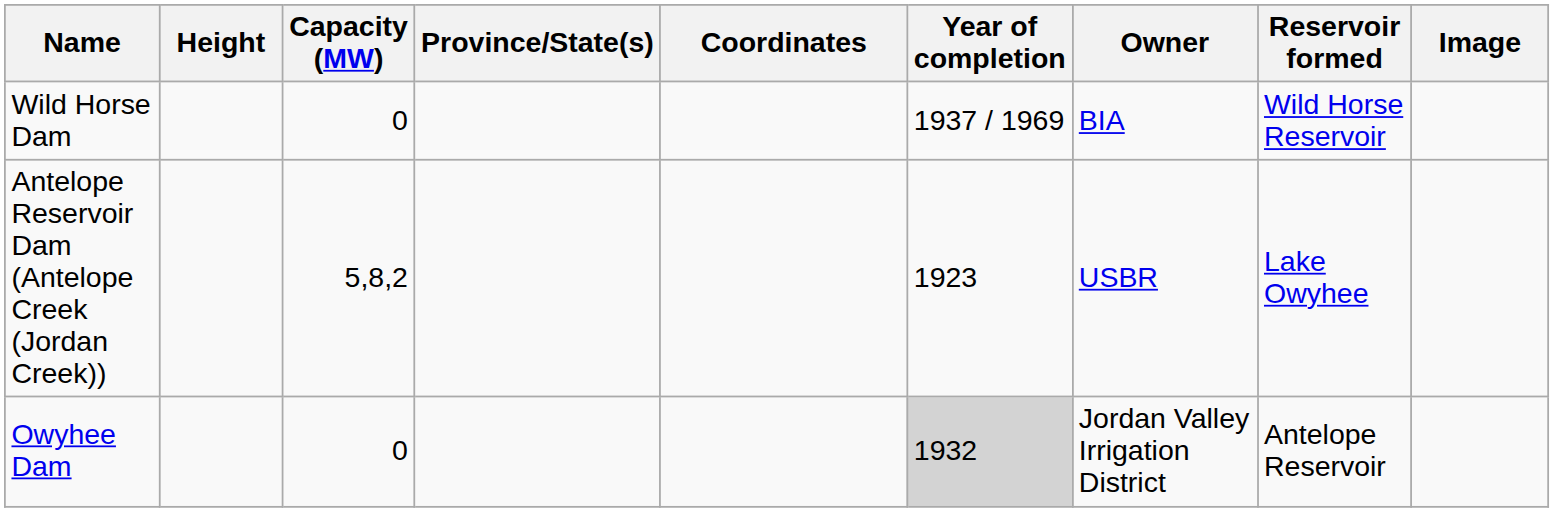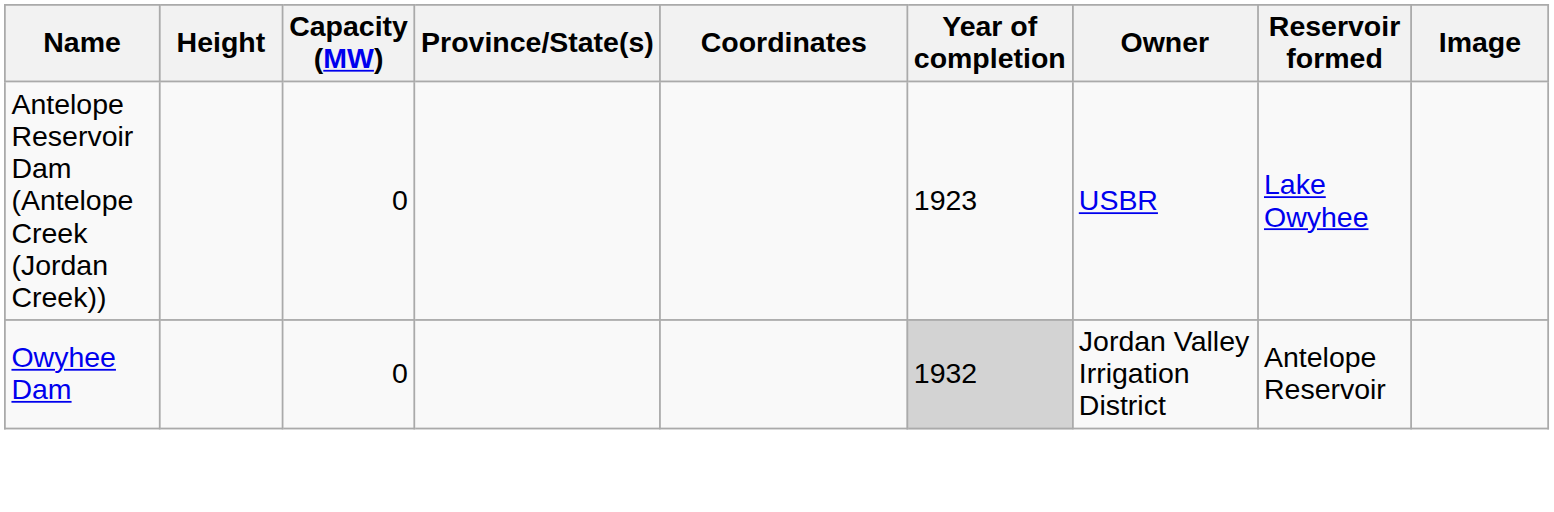 <table class="wikitable sortable" border="1">
 <tr>
 <th width="10%">Name</th>
 <th width="8%">Height</th>
 <th width="8%">Capacity (<a href='#'>MW</a>)</th>
 <th width="15%">Province/State(s)</th>
 <th width="16%">Coordinates</th>
 <th width="10%">Year of completion</th>
 <th width="12%">Owner</th>
 <th width="10%">Reservoir formed</th>
 <th>Image</th>
 </tr>
 <tr>
-<td>Wild Horse Dam</td>
+<td>Antelope Reservoir Dam (Antelope Creek (Jordan Creek))</td>
 <td></td>
 <td align="right">0</td>
-<td></td>
-<td></td>
-<td>1937 / 1969</td>
-<td><a href='#'>BIA</a></td>
-<td><a href='#'>Wild Horse Reservoir</a></td>
-<td></td>
-</tr>
-<tr>
-<td>Antelope Reservoir Dam (Antelope Creek (Jordan Creek))</td>
-<td></td>
-<td align="right">5,8,2</td>
 <td></td>
 <td></td>
 <td>1923</td>
 <td><a href='#'>USBR</a></td>
 <td><a href='#'>Lake Owyhee</a></td>
 <td></td>
 </tr>
 <tr>
 <td><a href='#'>Owyhee Dam</a></td>
 <td></td>
 <td align="right">0</td>
 <td></td>
 <td></td>
 <td style="background: lightgrey;">1932</td>
 <td>Jordan Valley Irrigation District</td>
 <td>Antelope Reservoir</td>
 <td></td>
 </tr>
 </table>
